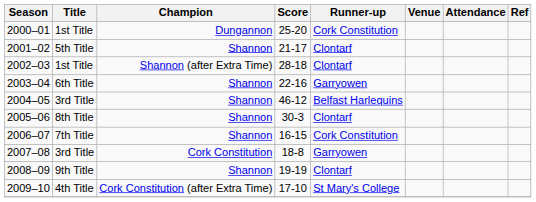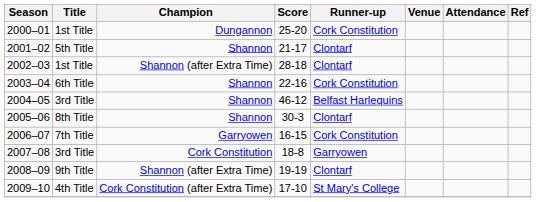 <table class="wikitable">
 <tr>
 <th>Season</th>
 <th>Title</th>
 <th> Champion</th>
 <th>Score</th>
 <th> Runner-up</th>
 <th>Venue</th>
 <th>Attendance</th>
 <th>Ref</th>
 </tr>
 <tr>
 <td>2000–01</td>
 <td>1st Title</td>
 <td style="text-align:right;"><a href='#'>Dungannon</a></td>
 <td style="text-align:center;">25-20</td>
 <td style="text-align:left;"><a href='#'>Cork Constitution</a></td>
 <td></td>
 <td></td>
 <td></td>
 </tr>
 <tr>
 <td>2001–02</td>
 <td>5th Title</td>
 <td style="text-align:right;"><a href='#'>Shannon</a></td>
 <td style="text-align:center;">21-17</td>
 <td style="text-align:left;"><a href='#'>Clontarf</a></td>
 <td></td>
 <td></td>
 <td></td>
 </tr>
 <tr>
 <td>2002–03</td>
 <td>1st Title</td>
 <td style="text-align:right;"><a href='#'>Shannon</a> (after Extra Time)</td>
 <td style="text-align:center;">28-18</td>
 <td style="text-align:left;"><a href='#'>Clontarf</a></td>
 <td></td>
 <td></td>
 <td></td>
 </tr>
 <tr>
 <td>2003–04</td>
 <td>6th Title</td>
 <td style="text-align:right;"><a href='#'>Shannon</a></td>
 <td style="text-align:center;">22-16</td>
-<td style="text-align:left;"><a href='#'>Garryowen</a></td>
+<td style="text-align:left;"><a href='#'>Cork Constitution</a></td>
 <td></td>
 <td></td>
 <td></td>
 </tr>
 <tr>
 <td>2004–05</td>
 <td>3rd Title</td>
 <td style="text-align:right;"><a href='#'>Shannon</a></td>
 <td style="text-align:center;">46-12</td>
 <td style="text-align:left;"><a href='#'>Belfast Harlequins</a></td>
 <td></td>
 <td></td>
 <td></td>
 </tr>
 <tr>
 <td>2005–06</td>
 <td>8th Title</td>
 <td style="text-align:right;"><a href='#'>Shannon</a></td>
 <td style="text-align:center;">30-3</td>
 <td style="text-align:left;"><a href='#'>Clontarf</a></td>
 <td></td>
 <td></td>
 <td></td>
 </tr>
 <tr>
 <td>2006–07</td>
 <td>7th Title</td>
-<td style="text-align:right;"><a href='#'>Shannon</a></td>
+<td style="text-align:right;"><a href='#'>Garryowen</a></td>
 <td style="text-align:center;">16-15</td>
 <td style="text-align:left;"><a href='#'>Cork Constitution</a></td>
 <td></td>
 <td></td>
 <td></td>
 </tr>
 <tr>
 <td>2007–08</td>
 <td>3rd Title</td>
 <td style="text-align:right;"><a href='#'>Cork Constitution</a></td>
 <td style="text-align:center;">18-8</td>
 <td style="text-align:left;"><a href='#'>Garryowen</a></td>
 <td></td>
 <td></td>
 <td></td>
 </tr>
 <tr>
 <td>2008–09</td>
 <td>9th Title</td>
-<td style="text-align:right;"><a href='#'>Shannon</a></td>
+<td style="text-align:right;"><a href='#'>Shannon</a> (after Extra Time)</td>
 <td style="text-align:center;">19-19</td>
 <td style="text-align:left;"><a href='#'>Clontarf</a></td>
 <td></td>
 <td></td>
 <td></td>
 </tr>
 <tr>
 <td>2009–10</td>
 <td>4th Title</td>
 <td style="text-align:right;"><a href='#'>Cork Constitution</a> (after Extra Time)</td>
 <td style="text-align:center;">17-10</td>
 <td style="text-align:left;"><a href='#'>St Mary's College</a></td>
 <td></td>
 <td></td>
 <td></td>
 </tr>
 <tr>
 </tr>
 </table>
